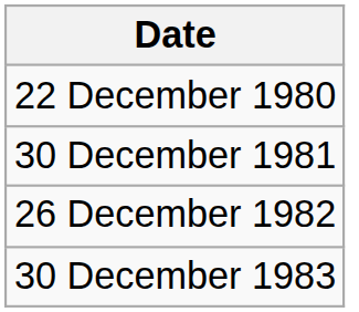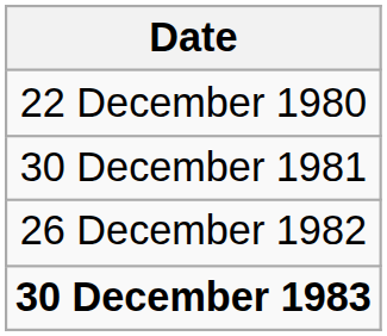 <table class="wikitable" style="text-align:center;">
 <tr>
 <th>Date</th>
 </tr>
 <tr>
 <td>22 December 1980</td>
 </tr>
 <tr>
 <td>30 December 1981</td>
 </tr>
 <tr>
 <td>26 December 1982</td>
 </tr>
 <tr>
-<td>30 December 1983</td>
+<td><strong>30 December 1983</strong></td>
 </tr>
 </table>
